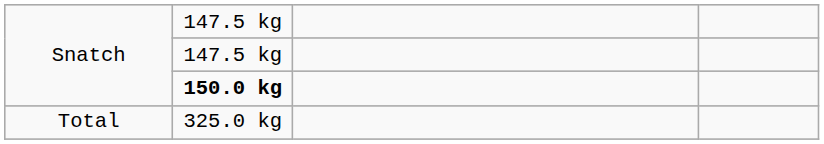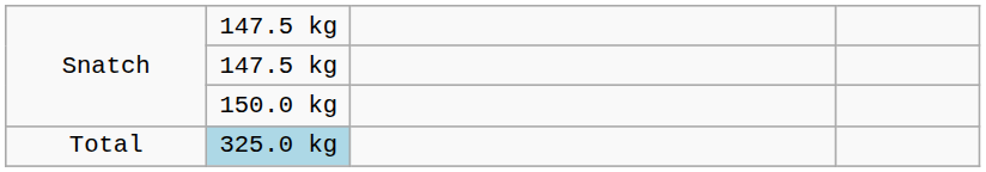 <table class = "wikitable" style="text-align:center;">
 <tr>
 <td rowspan=3 width=100>Snatch</td>
 <td width=70>147.5 kg</td>
 <td width=250 align=left></td>
 <td width=70></td>
 </tr>
 <tr>
 <td>147.5 kg</td>
 <td align=left></td>
 <td></td>
 </tr>
 <tr>
-<td><strong>150.0 kg</strong></td>
+<td>150.0 kg</td>
 <td align=left></td>
 <td></td>
 </tr>
 <tr>
 <td>Total</td>
-<td>325.0 kg</td>
+<td style="background: lightblue;">325.0 kg</td>
 <td align=left></td>
 <td></td>
 </tr>
 </table>
